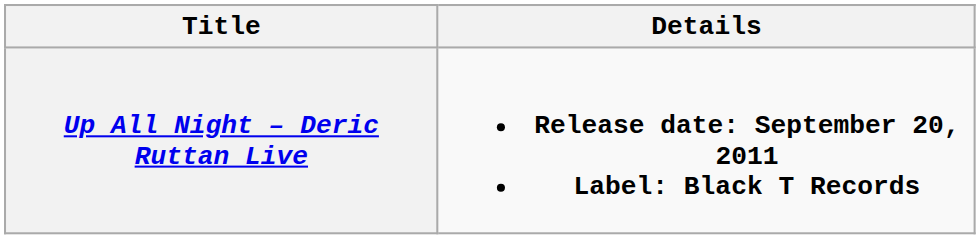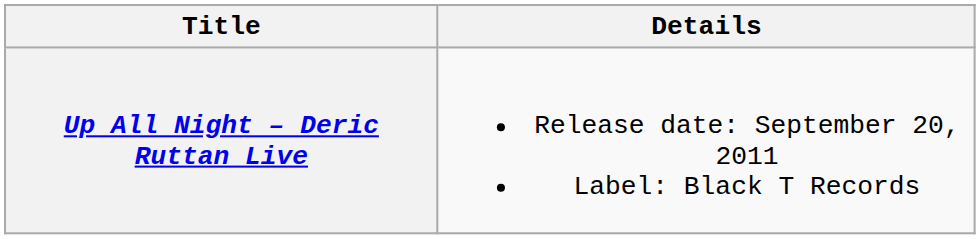 <table class="wikitable plainrowheaders" style="text-align:center;">
 <tr>
 <th style="width:16em;">Title</th>
 <th style="width:20em;">Details</th>
 </tr>
 <tr>
 <th scope="row"><em><a href='#'>Up All Night – Deric Ruttan Live</a></em></th>
-<td><strong><br><ul><li>Release date: September 20, 2011</li><li>Label: Black T Records</li></ul></strong></td>
+<td><br><ul><li>Release date: September 20, 2011</li><li>Label: Black T Records</li></ul></td>
 </tr>
 </table>
